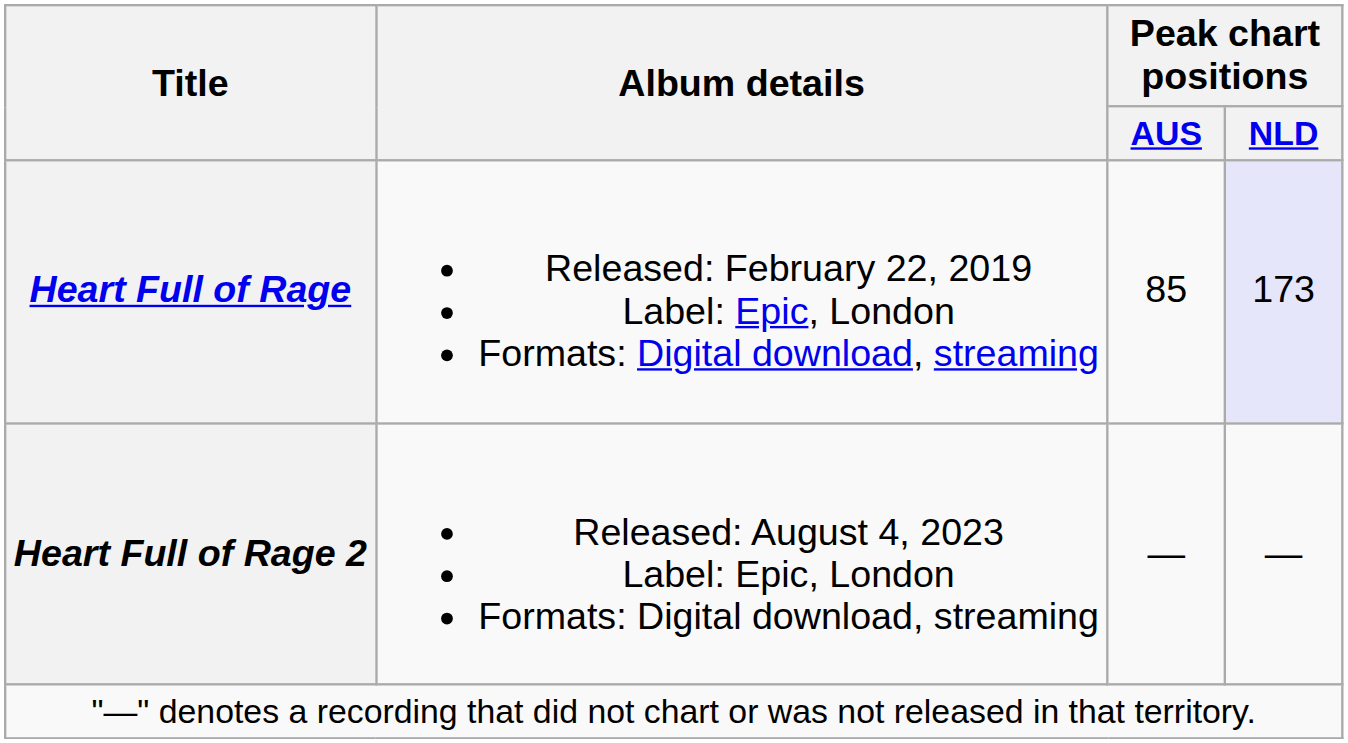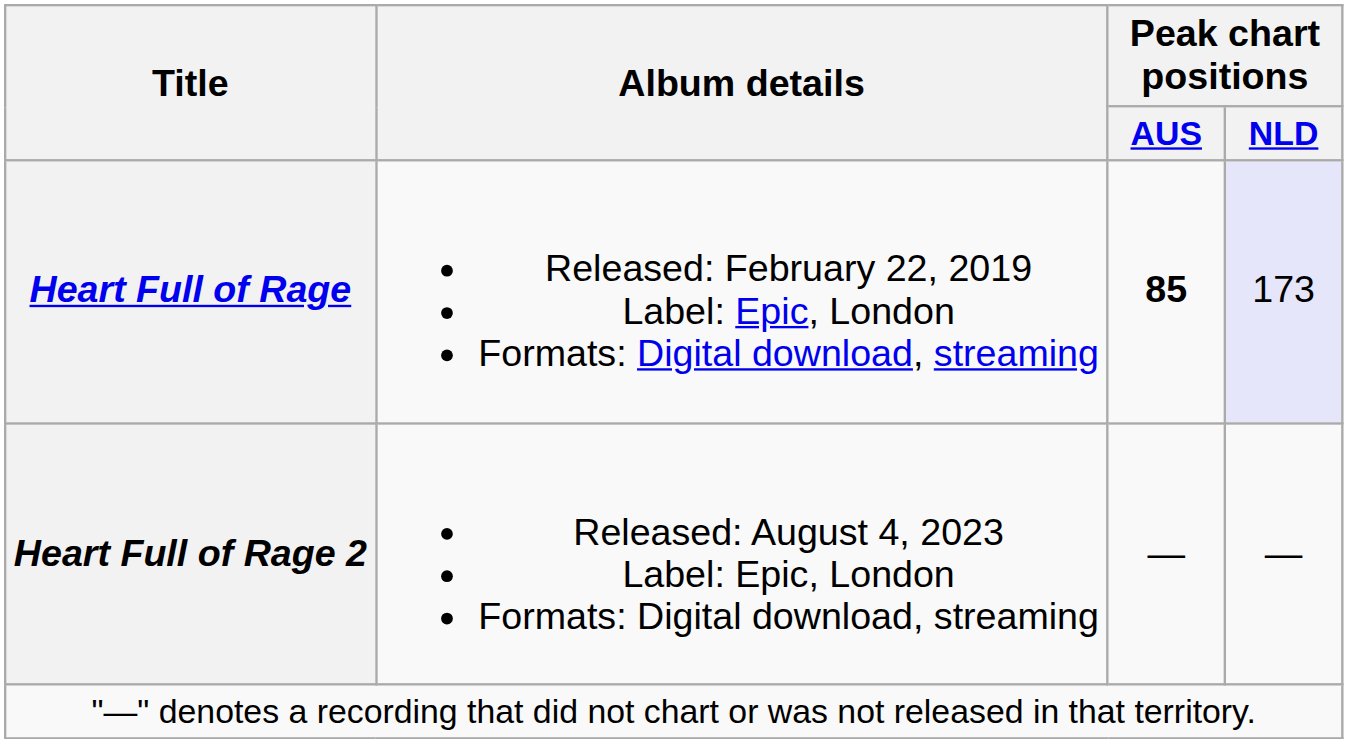 <table class="wikitable plainrowheaders" style="text-align:center;">
 <tr>
 <th rowspan="2">Title</th>
 <th rowspan="2">Album details</th>
 <th colspan="2">Peak chart positions</th>
 </tr>
 <tr>
 <th scope="col" style="width:3em;font-size:90%;"><a href='#'>AUS</a><br></th>
 <th scope="col" style="width:3em;font-size:90%;"><a href='#'>NLD</a><br></th>
 </tr>
 <tr>
 <th scope="row"><em><a href='#'>Heart Full of Rage</a></em></th>
 <td><br><ul><li>Released: February 22, 2019</li><li>Label: <a href='#'>Epic</a>, London</li><li>Formats: <a href='#'>Digital download</a>, <a href='#'>streaming</a></li></ul></td>
-<td>85</td>
+<td><strong>85</strong></td>
 <td style="background: lavender;">173</td>
 </tr>
 <tr>
 <th scope="row"><em>Heart Full of Rage 2</em></th>
 <td><br><ul><li>Released: August 4, 2023</li><li>Label: Epic, London</li><li>Formats: Digital download, streaming</li></ul></td>
 <td>—</td>
 <td>—</td>
 </tr>
 <tr>
 <td colspan="12" style="font-size:90%">"—" denotes a recording that did not chart or was not released in that territory.</td>
 </tr>
 </table>
